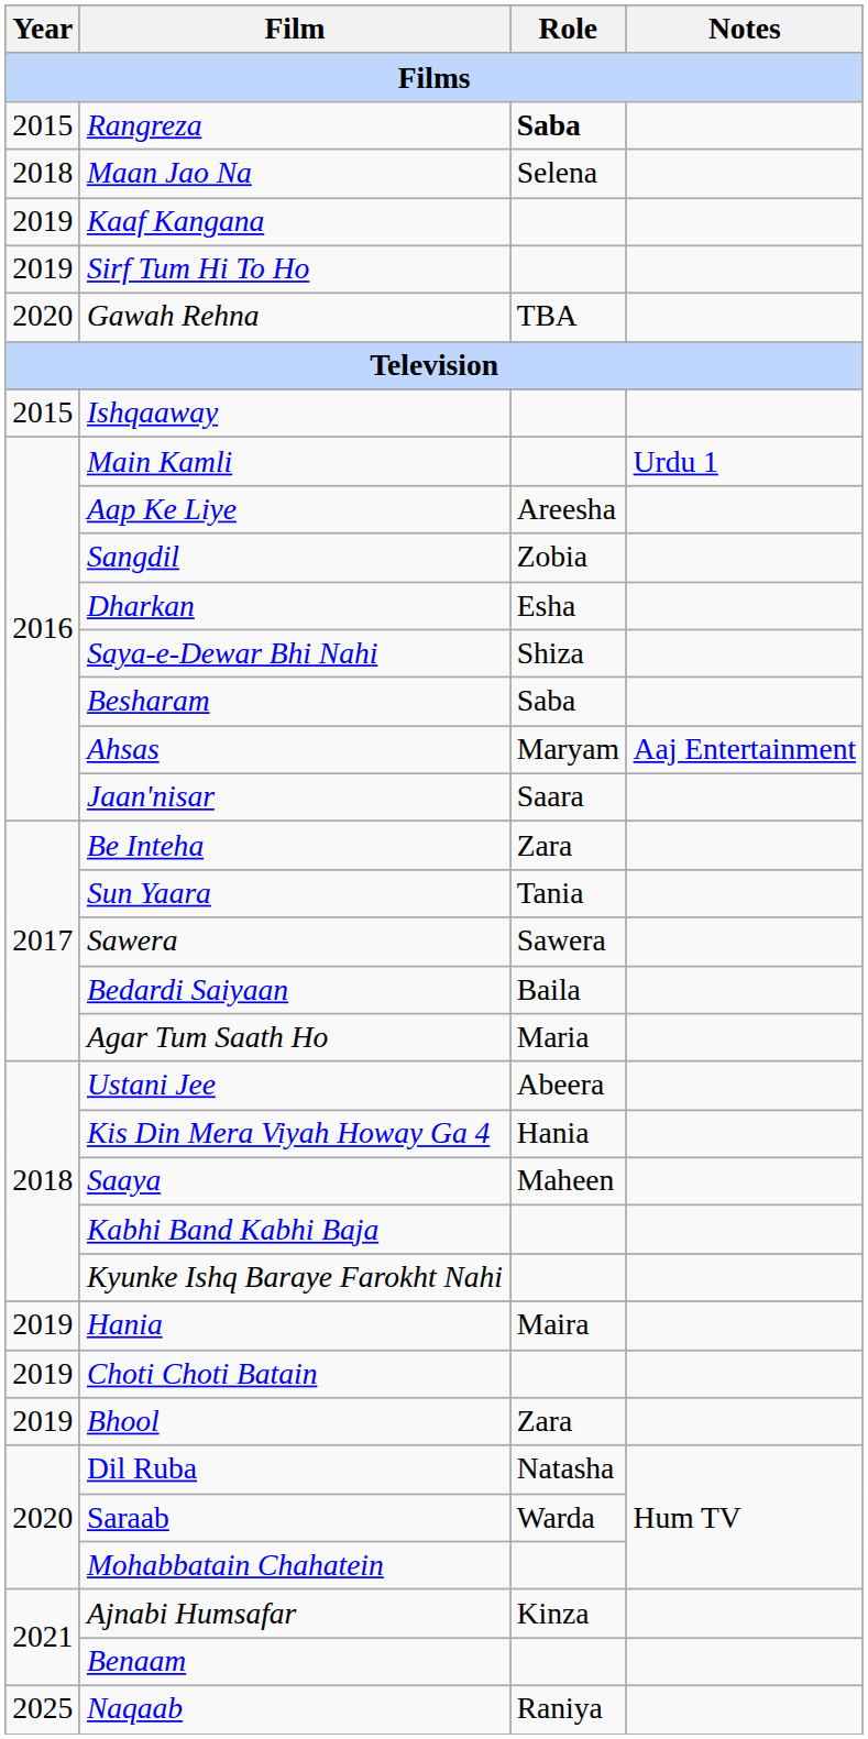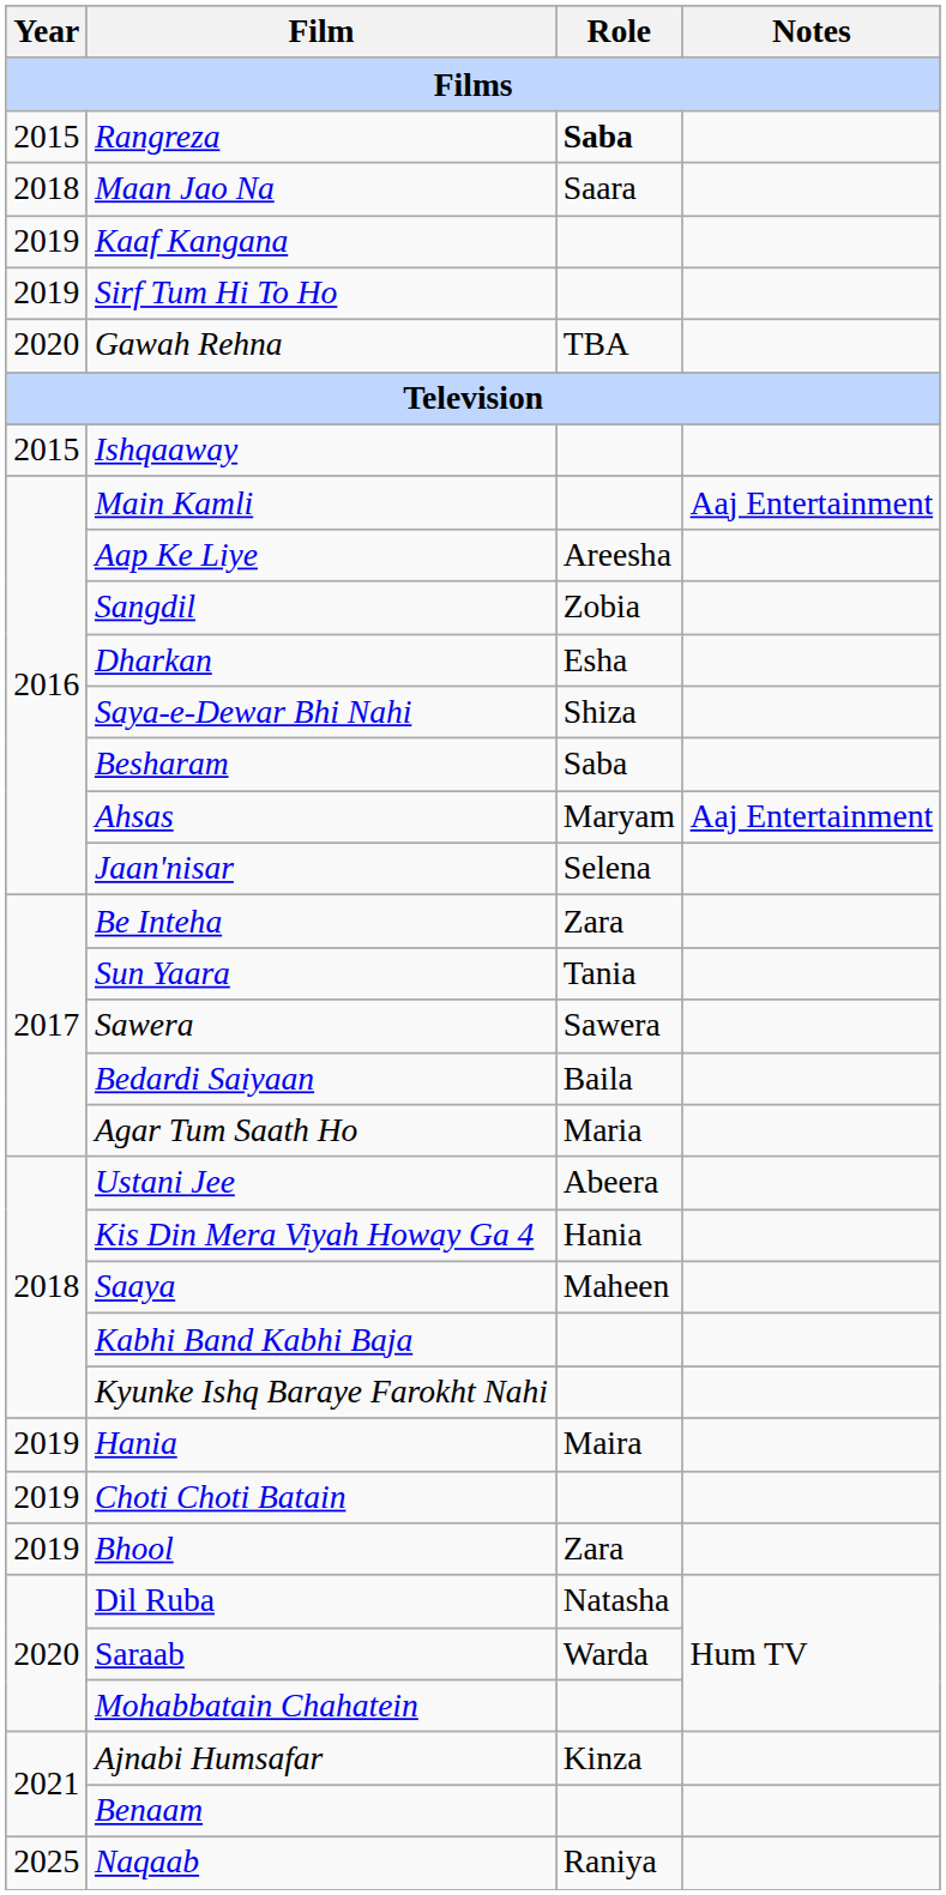 <table class="wikitable">
 <tr>
 <th>Year</th>
 <th>Film</th>
 <th>Role</th>
 <th>Notes</th>
 </tr>
 <tr>
 <th style="background:#bfd7ff" colspan="4">Films</th>
 </tr>
 <tr>
 <td>2015</td>
 <td><em><a href='#'>Rangreza</a></em></td>
 <td><strong>Saba</strong></td>
 <td></td>
 </tr>
 <tr>
 <td>2018</td>
 <td><em><a href='#'>Maan Jao Na</a></em></td>
-<td>Selena</td>
+<td>Saara</td>
 <td></td>
 </tr>
 <tr>
 <td>2019</td>
 <td><em><a href='#'>Kaaf Kangana</a></em></td>
 <td></td>
 <td></td>
 </tr>
 <tr>
 <td>2019</td>
 <td><em><a href='#'>Sirf Tum Hi To Ho</a></em></td>
 <td></td>
 <td></td>
 </tr>
 <tr>
 <td>2020</td>
 <td><em>Gawah Rehna</em></td>
 <td>TBA</td>
 <td></td>
 </tr>
 <tr>
 <th style="background:#bfd7ff" colspan="4">Television</th>
 </tr>
 <tr>
 <td>2015</td>
 <td><em><a href='#'>Ishqaaway</a></em></td>
 <td></td>
 <td></td>
 </tr>
 <tr>
 <td rowspan="8">2016</td>
 <td><em><a href='#'>Main Kamli</a></em></td>
 <td></td>
-<td><a href='#'>Urdu 1</a></td>
+<td><a href='#'>Aaj Entertainment</a></td>
 </tr>
 <tr>
 <td><em><a href='#'>Aap Ke Liye</a></em></td>
 <td>Areesha</td>
 <td></td>
 </tr>
 <tr>
 <td><em><a href='#'>Sangdil</a></em></td>
 <td>Zobia</td>
 <td></td>
 </tr>
 <tr>
 <td><em><a href='#'>Dharkan</a></em></td>
 <td>Esha</td>
 <td></td>
 </tr>
 <tr>
 <td><em><a href='#'>Saya-e-Dewar Bhi Nahi</a></em></td>
 <td>Shiza</td>
 <td></td>
 </tr>
 <tr>
 <td><em><a href='#'>Besharam</a></em></td>
 <td>Saba</td>
 <td></td>
 </tr>
 <tr>
 <td><em><a href='#'>Ahsas</a> </em></td>
 <td>Maryam</td>
 <td><a href='#'>Aaj Entertainment</a></td>
 </tr>
 <tr>
 <td><em><a href='#'>Jaan'nisar</a></em></td>
-<td>Saara</td>
+<td>Selena</td>
 <td></td>
 </tr>
 <tr>
 <td rowspan="5">2017</td>
 <td><em><a href='#'>Be Inteha</a></em></td>
 <td>Zara</td>
 <td></td>
 </tr>
 <tr>
 <td><em><a href='#'>Sun Yaara</a></em></td>
 <td>Tania</td>
 <td></td>
 </tr>
 <tr>
 <td><em>Sawera</em></td>
 <td>Sawera</td>
 <td></td>
 </tr>
 <tr>
 <td><em><a href='#'>Bedardi Saiyaan</a></em></td>
 <td>Baila</td>
 <td></td>
 </tr>
 <tr>
 <td><em>Agar Tum Saath Ho</em></td>
 <td>Maria</td>
 <td></td>
 </tr>
 <tr>
 <td rowspan="5">2018</td>
 <td><em><a href='#'>Ustani Jee</a></em></td>
 <td>Abeera</td>
 <td></td>
 </tr>
 <tr>
 <td><em><a href='#'>Kis Din Mera Viyah Howay Ga 4</a></em></td>
 <td>Hania</td>
 <td></td>
 </tr>
 <tr>
 <td><em><a href='#'>Saaya</a></em></td>
 <td>Maheen</td>
 <td></td>
 </tr>
 <tr>
 <td><em><a href='#'>Kabhi Band Kabhi Baja</a></em></td>
 <td></td>
 <td></td>
 </tr>
 <tr>
 <td><em>Kyunke Ishq Baraye Farokht Nahi</em></td>
 <td></td>
 <td></td>
 </tr>
 <tr>
 <td>2019</td>
 <td><em><a href='#'>Hania</a></em></td>
 <td>Maira</td>
 <td></td>
 </tr>
 <tr>
 <td>2019</td>
 <td><em><a href='#'>Choti Choti Batain</a></em></td>
 <td></td>
 <td></td>
 </tr>
 <tr>
 <td>2019</td>
 <td><em><a href='#'>Bhool</a></em></td>
 <td>Zara</td>
 <td></td>
 </tr>
 <tr>
 <td rowspan="3">2020</td>
 <td><a href='#'>Dil Ruba</a></td>
 <td>Natasha</td>
 <td rowspan="3">Hum TV</td>
 </tr>
 <tr>
 <td><a href='#'>Saraab</a></td>
 <td>Warda</td>
 </tr>
 <tr>
 <td><em><a href='#'>Mohabbatain Chahatein</a></em></td>
 <td></td>
 </tr>
 <tr>
 <td rowspan=2>2021</td>
 <td><em>Ajnabi Humsafar</em></td>
 <td>Kinza</td>
 <td></td>
 </tr>
 <tr>
 <td><em><a href='#'>Benaam</a></em></td>
 <td></td>
 <td></td>
 </tr>
 <tr>
 <td>2025</td>
 <td><em><a href='#'>Naqaab</a></em></td>
 <td>Raniya</td>
 <td></td>
 </tr>
 </table>
